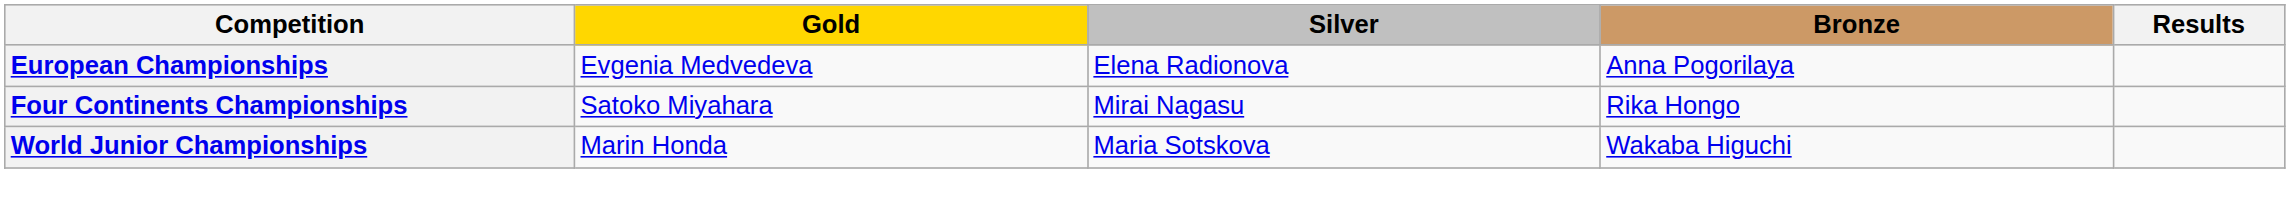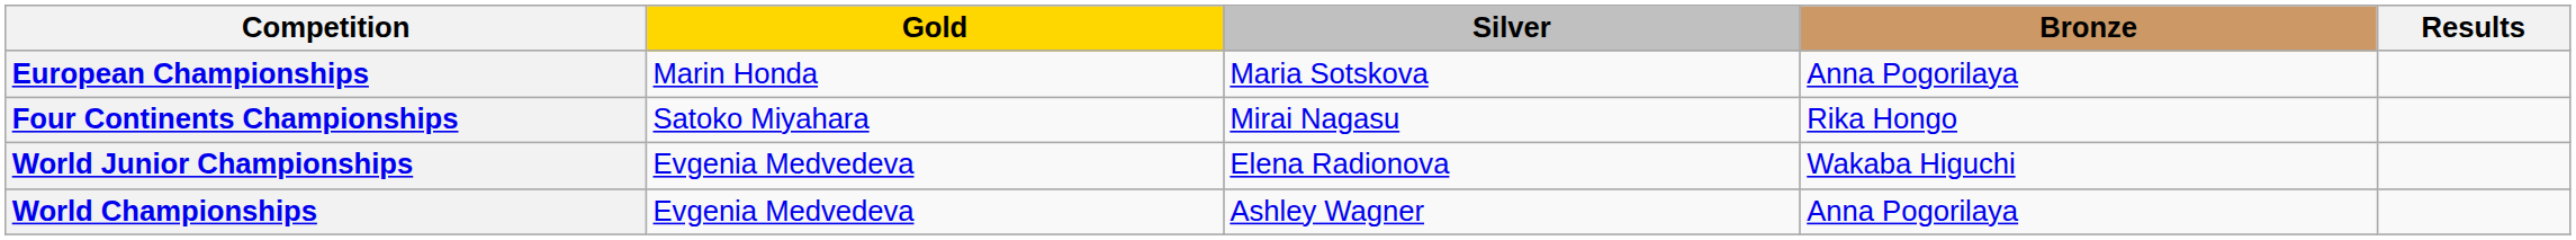 <table class="wikitable unsortable" style="text-align:left; width:90%">
 <tr>
 <th scope="col" style="text-align:center; width:25%;">Competition</th>
 <td scope="col" style="text-align:center; width:22.5%; background:gold"><strong>Gold</strong></td>
 <td scope="col" style="text-align:center; width:22.5%; background:silver"><strong>Silver</strong></td>
 <td scope="col" style="text-align:center; width:22.5%; background:#c96"><strong>Bronze</strong></td>
 <th scope="col" style="text-align:center; width:7.5%;">Results</th>
 </tr>
 <tr>
 <th scope="row" style="text-align:left"> <a href='#'>European Championships</a></th>
-<td> <a href='#'>Evgenia Medvedeva</a></td>
-<td> <a href='#'>Elena Radionova</a></td>
+<td> <a href='#'>Marin Honda</a></td>
+<td> <a href='#'>Maria Sotskova</a></td>
 <td> <a href='#'>Anna Pogorilaya</a></td>
 <td></td>
 </tr>
 <tr>
 <th scope="row" style="text-align:left"> <a href='#'>Four Continents Championships</a></th>
 <td> <a href='#'>Satoko Miyahara</a></td>
 <td> <a href='#'>Mirai Nagasu</a></td>
 <td> <a href='#'>Rika Hongo</a></td>
 <td></td>
 </tr>
 <tr>
 <th scope="row" style="text-align:left"> <a href='#'>World Junior Championships</a></th>
-<td> <a href='#'>Marin Honda</a></td>
-<td> <a href='#'>Maria Sotskova</a></td>
+<td> <a href='#'>Evgenia Medvedeva</a></td>
+<td> <a href='#'>Elena Radionova</a></td>
 <td> <a href='#'>Wakaba Higuchi</a></td>
 <td></td>
 </tr>
+<tr>
+<th scope="row" style="text-align:left"> <a href='#'>World Championships</a></th>
+<td> <a href='#'>Evgenia Medvedeva</a></td>
+<td> <a href='#'>Ashley Wagner</a></td>
+<td> <a href='#'>Anna Pogorilaya</a></td>
+<td></td>
+</tr>
 </table>
